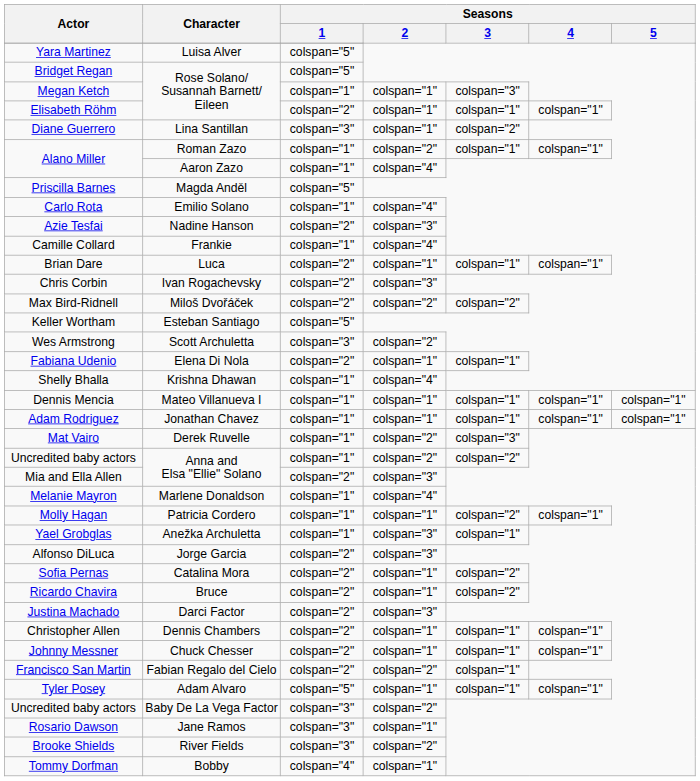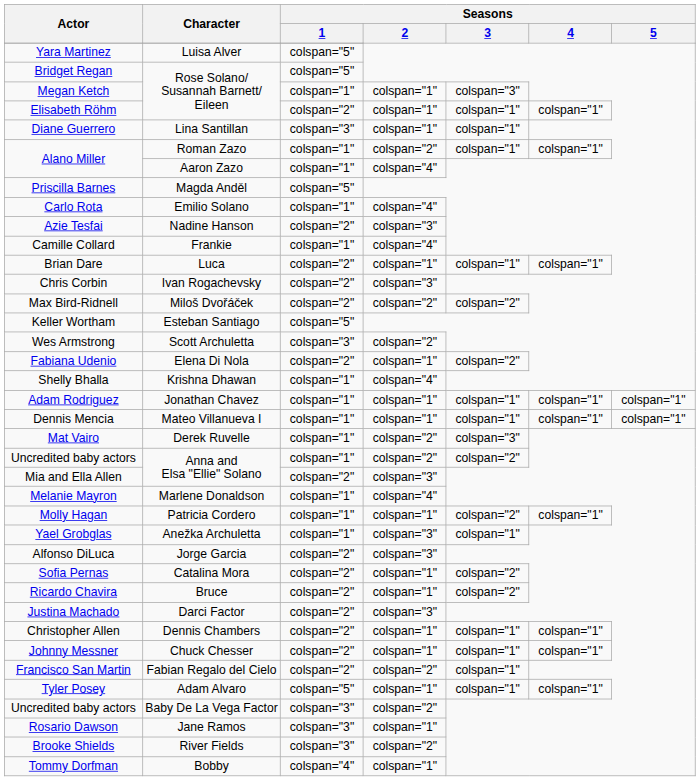 <table class="wikitable plainrowheaders" style="text-align:center;">
 <tr>
 <th scope="col" rowspan="2" style="width:20%;">Actor</th>
 <th scope="col" rowspan="2" style="width:20%;">Character</th>
 <th scope="col" colspan="5" style="width:60%;">Seasons</th>
 </tr>
 <tr>
 <th scope="col" style="width:12%;"><a href='#'>1</a></th>
 <th scope="col" style="width:12%;"><a href='#'>2</a></th>
 <th scope="col" style="width:12%;"><a href='#'>3</a></th>
 <th scope="col" style="width:12%;"><a href='#'>4</a></th>
 <th scope="col" style="width:12%;"><a href='#'>5</a></th>
 </tr>
 <tr>
 </tr>
 <tr>
 <td scope="row"><a href='#'>Yara Martinez</a></td>
 <td>Luisa Alver</td>
 <td>colspan="5" </td>
 </tr>
 <tr>
 <td><a href='#'>Bridget Regan</a></td>
 <td rowspan="3">Rose Solano/<br>Susannah Barnett/<br>Eileen</td>
 <td>colspan="5" </td>
 </tr>
 <tr>
 <td><a href='#'>Megan Ketch</a></td>
 <td>colspan="1" </td>
 <td>colspan="1" </td>
 <td>colspan="3" </td>
 </tr>
 <tr>
 <td><a href='#'>Elisabeth Röhm</a></td>
 <td>colspan="2" </td>
 <td>colspan="1" </td>
 <td>colspan="1" </td>
 <td>colspan="1" </td>
 </tr>
 <tr>
 <td scope="row"><a href='#'>Diane Guerrero</a></td>
 <td>Lina Santillan</td>
 <td>colspan="3" </td>
 <td>colspan="1" </td>
-<td>colspan="2" </td>
+<td>colspan="1" </td>
 </tr>
 <tr>
 <td rowspan="2"><a href='#'>Alano Miller</a></td>
 <td>Roman Zazo</td>
 <td>colspan="1" </td>
 <td>colspan="2" </td>
 <td>colspan="1" </td>
 <td>colspan="1" </td>
 </tr>
 <tr>
 <td>Aaron Zazo</td>
 <td>colspan="1" </td>
 <td>colspan="4" </td>
 </tr>
 <tr>
 <td scope="row"><a href='#'>Priscilla Barnes</a></td>
 <td>Magda Anděl</td>
 <td>colspan="5" </td>
 </tr>
 <tr>
 <td scope="row"><a href='#'>Carlo Rota</a></td>
 <td>Emilio Solano</td>
 <td>colspan="1" </td>
 <td>colspan="4" </td>
 </tr>
 <tr>
 <td scope="row"><a href='#'>Azie Tesfai</a></td>
 <td>Nadine Hanson</td>
 <td>colspan="2" </td>
 <td>colspan="3" </td>
 </tr>
 <tr>
 <td scope="row">Camille Collard</td>
 <td>Frankie</td>
 <td>colspan="1" </td>
 <td>colspan="4" </td>
 </tr>
 <tr>
 <td scope="row">Brian Dare</td>
 <td>Luca</td>
 <td>colspan="2" </td>
 <td>colspan="1" </td>
 <td>colspan="1" </td>
 <td>colspan="1" </td>
 </tr>
 <tr>
 <td scope="row">Chris Corbin</td>
 <td>Ivan Rogachevsky</td>
 <td>colspan="2" </td>
 <td>colspan="3" </td>
 </tr>
 <tr>
 <td scope="row">Max Bird-Ridnell</td>
 <td>Miloš Dvořáček</td>
 <td>colspan="2" </td>
 <td>colspan="2" </td>
 <td>colspan="2" </td>
 </tr>
 <tr>
 <td scope="row">Keller Wortham</td>
 <td>Esteban Santiago</td>
 <td>colspan="5" </td>
 </tr>
 <tr>
 <td scope="row">Wes Armstrong</td>
 <td>Scott Archuletta</td>
 <td>colspan="3" </td>
 <td>colspan="2" </td>
 </tr>
 <tr>
 <td scope="row"><a href='#'>Fabiana Udenio</a></td>
 <td>Elena Di Nola</td>
 <td>colspan="2" </td>
 <td>colspan="1" </td>
-<td>colspan="1" </td>
+<td>colspan="2" </td>
 </tr>
 <tr>
 <td scope="row">Shelly Bhalla</td>
 <td>Krishna Dhawan</td>
 <td>colspan="1" </td>
 <td>colspan="4" </td>
 </tr>
 <tr>
-<td scope="row">Dennis Mencia</td>
-<td>Mateo Villanueva I</td>
+<td scope="row"><a href='#'>Adam Rodriguez</a></td>
+<td>Jonathan Chavez</td>
 <td>colspan="1" </td>
 <td>colspan="1" </td>
 <td>colspan="1" </td>
 <td>colspan="1" </td>
 <td>colspan="1" </td>
 </tr>
 <tr>
-<td scope="row"><a href='#'>Adam Rodriguez</a></td>
-<td>Jonathan Chavez</td>
+<td scope="row">Dennis Mencia</td>
+<td>Mateo Villanueva I</td>
 <td>colspan="1" </td>
 <td>colspan="1" </td>
 <td>colspan="1" </td>
 <td>colspan="1" </td>
 <td>colspan="1" </td>
 </tr>
 <tr>
 <td scope="row"><a href='#'>Mat Vairo</a></td>
 <td>Derek Ruvelle</td>
 <td>colspan="1" </td>
 <td>colspan="2" </td>
 <td>colspan="3" </td>
 </tr>
 <tr>
 <td scope="row">Uncredited baby actors</td>
 <td rowspan="2">Anna and <br> Elsa "Ellie" Solano</td>
 <td>colspan="1" </td>
 <td>colspan="2" </td>
 <td>colspan="2" </td>
 </tr>
 <tr>
 <td scope="row">Mia and Ella Allen</td>
 <td>colspan="2" </td>
 <td>colspan="3" </td>
 </tr>
 <tr>
 <td scope="row"><a href='#'>Melanie Mayron</a></td>
 <td>Marlene Donaldson</td>
 <td>colspan="1" </td>
 <td>colspan="4" </td>
 </tr>
 <tr>
 <td scope="row"><a href='#'>Molly Hagan</a></td>
 <td>Patricia Cordero</td>
 <td>colspan="1" </td>
 <td>colspan="1" </td>
 <td>colspan="2" </td>
 <td>colspan="1" </td>
 </tr>
 <tr>
 <td scope="row"><a href='#'>Yael Grobglas</a></td>
 <td>Anežka Archuletta</td>
 <td>colspan="1" </td>
 <td>colspan="3" </td>
 <td>colspan="1" </td>
 </tr>
 <tr>
 <td scope="row">Alfonso DiLuca</td>
 <td>Jorge Garcia</td>
 <td>colspan="2" </td>
 <td>colspan="3" </td>
 </tr>
 <tr>
 <td scope="row"><a href='#'>Sofia Pernas</a></td>
 <td>Catalina Mora</td>
 <td>colspan="2" </td>
 <td>colspan="1" </td>
 <td>colspan="2" </td>
 </tr>
 <tr>
 <td scope="row"><a href='#'>Ricardo Chavira</a></td>
 <td>Bruce</td>
 <td>colspan="2" </td>
 <td>colspan="1" </td>
 <td>colspan="2" </td>
 </tr>
 <tr>
 <td scope="row"><a href='#'>Justina Machado</a></td>
 <td>Darci Factor</td>
 <td>colspan="2" </td>
 <td>colspan="3" </td>
 </tr>
 <tr>
 <td scope="row">Christopher Allen</td>
 <td>Dennis Chambers</td>
 <td>colspan="2" </td>
 <td>colspan="1" </td>
 <td>colspan="1" </td>
 <td>colspan="1" </td>
 </tr>
 <tr>
 <td scope="row"><a href='#'>Johnny Messner</a></td>
 <td>Chuck Chesser</td>
 <td>colspan="2" </td>
 <td>colspan="1" </td>
 <td>colspan="1" </td>
 <td>colspan="1" </td>
 </tr>
 <tr>
 <td scope="row"><a href='#'>Francisco San Martin</a></td>
 <td>Fabian Regalo del Cielo</td>
 <td>colspan="2" </td>
 <td>colspan="2" </td>
 <td>colspan="1" </td>
 </tr>
 <tr>
 <td scope="row"><a href='#'>Tyler Posey</a></td>
 <td>Adam Alvaro</td>
 <td>colspan="5" </td>
 <td>colspan="1" </td>
 <td>colspan="1" </td>
 <td>colspan="1" </td>
 </tr>
 <tr>
 <td scope="row">Uncredited baby actors</td>
 <td>Baby De La Vega Factor</td>
 <td>colspan="3" </td>
 <td>colspan="2" </td>
 </tr>
 <tr>
 <td scope="row"><a href='#'>Rosario Dawson</a></td>
 <td>Jane Ramos</td>
 <td>colspan="3" </td>
 <td>colspan="1" </td>
 </tr>
 <tr>
 <td scope="row"><a href='#'>Brooke Shields</a></td>
 <td>River Fields</td>
 <td>colspan="3" </td>
 <td>colspan="2" </td>
 </tr>
 <tr>
 <td scope="row"><a href='#'>Tommy Dorfman</a></td>
 <td>Bobby</td>
 <td>colspan="4" </td>
 <td>colspan="1" </td>
 </tr>
 </table>
